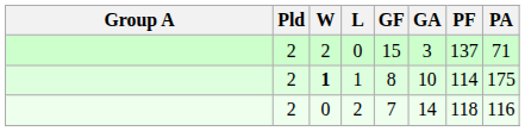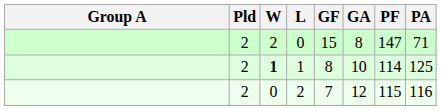 <table class=wikitable style="text-align:center">
 <tr>
 <th width=220>Group A</th>
 <th width=20>Pld</th>
 <th width=20>W</th>
 <th width=20>L</th>
 <th width=20>GF</th>
 <th width=20>GA</th>
 <th width=20>PF</th>
 <th width=20>PA</th>
 </tr>
 <tr bgcolor=ccffcc>
 <td align=left></td>
 <td>2</td>
 <td>2</td>
 <td>0</td>
 <td>15</td>
-<td>3</td>
-<td>137</td>
+<td>8</td>
+<td>147</td>
 <td>71</td>
 </tr>
 <tr bgcolor=ddffdd>
 <td align=left></td>
 <td>2</td>
 <td><strong>1</strong></td>
 <td>1</td>
 <td>8</td>
 <td>10</td>
 <td>114</td>
-<td>175</td>
+<td>125</td>
 </tr>
 <tr bgcolor=eeffee>
 <td align=left></td>
 <td>2</td>
 <td>0</td>
 <td>2</td>
 <td>7</td>
-<td>14</td>
-<td>118</td>
+<td>12</td>
+<td>115</td>
 <td>116</td>
 </tr>
 <tr>
 </tr>
 </table>
